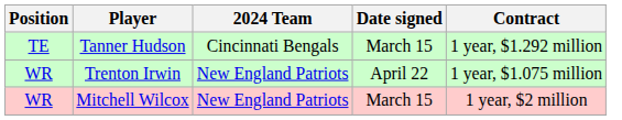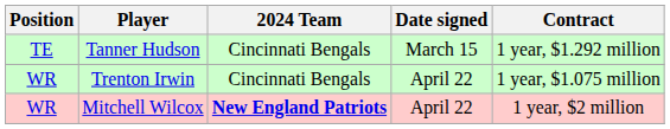 <table class="wikitable" style="text-align:center">
 <tr>
 <th>Position</th>
 <th>Player</th>
 <th>2024 Team</th>
 <th>Date signed</th>
 <th>Contract</th>
 </tr>
 <tr style="background:#cfc;">
 <td><a href='#'>TE</a></td>
 <td><a href='#'>Tanner Hudson</a></td>
 <td>Cincinnati Bengals</td>
 <td>March 15</td>
 <td>1 year, $1.292 million</td>
 </tr>
 <tr style="background:#cfc;">
 <td><a href='#'>WR</a></td>
 <td><a href='#'>Trenton Irwin</a></td>
-<td><a href='#'>New England Patriots</a></td>
+<td>Cincinnati Bengals</td>
 <td>April 22</td>
 <td>1 year, $1.075 million</td>
 </tr>
 <tr style="background:#fcc;">
 <td><a href='#'>WR</a></td>
 <td><a href='#'>Mitchell Wilcox</a></td>
-<td><a href='#'>New England Patriots</a></td>
-<td>March 15</td>
+<td><strong><a href='#'>New England Patriots</a></strong></td>
+<td>April 22</td>
 <td>1 year, $2 million</td>
 </tr>
 <tr>
 </tr>
 </table>
